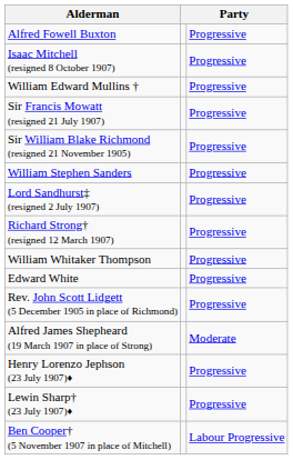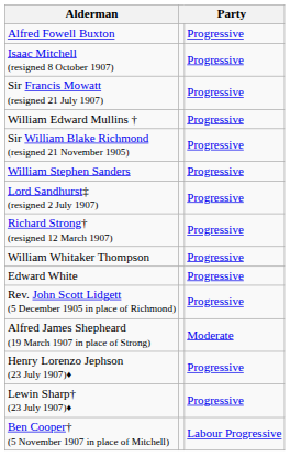 <table class="wikitable">
 <tr>
 <th>Alderman</th>
 <th colspan=2!>Party</th>
 </tr>
 <tr>
 <td><a href='#'>Alfred Fowell Buxton</a></td>
 <td style="background-color: "></td>
 <td><a href='#'>Progressive</a></td>
 </tr>
 <tr>
 <td><a href='#'>Isaac Mitchell</a><small><br>(resigned 8 October 1907)</small></td>
 <td style="background-color: "></td>
 <td><a href='#'>Progressive</a></td>
 </tr>
 <tr>
-<td>William Edward Mullins †</td>
+<td>Sir <a href='#'>Francis Mowatt</a><small><br>(resigned 21 July 1907)</small></td>
 <td style="background-color: "></td>
 <td><a href='#'>Progressive</a></td>
 </tr>
 <tr>
-<td>Sir <a href='#'>Francis Mowatt</a><small><br>(resigned 21 July 1907)</small></td>
+<td>William Edward Mullins †</td>
 <td style="background-color: "></td>
 <td><a href='#'>Progressive</a></td>
 </tr>
 <tr>
 <td>Sir <a href='#'>William Blake Richmond</a><small><br>(resigned 21 November 1905)</small></td>
 <td style="background-color: "></td>
 <td><a href='#'>Progressive</a></td>
 </tr>
 <tr>
 <td><a href='#'>William Stephen Sanders</a></td>
 <td style="background-color: "></td>
 <td><a href='#'>Progressive</a></td>
 </tr>
 <tr>
 <td><a href='#'>Lord Sandhurst</a>‡<small><br>(resigned 2 July 1907)</small></td>
 <td style="background-color: "></td>
 <td><a href='#'>Progressive</a></td>
 </tr>
 <tr>
 <td><a href='#'>Richard Strong</a>†<small><br>(resigned 12 March 1907)</small></td>
 <td style="background-color: "></td>
 <td><a href='#'>Progressive</a></td>
 </tr>
 <tr>
 <td>William Whitaker Thompson</td>
 <td style="background-color: "></td>
 <td><a href='#'>Progressive</a></td>
 </tr>
 <tr>
 <td>Edward White</td>
 <td style="background-color: "></td>
 <td><a href='#'>Progressive</a></td>
 </tr>
 <tr>
 <td>Rev. <a href='#'>John Scott Lidgett</a><small><br>(5 December 1905 in place of Richmond)</small></td>
 <td style="background-color: "></td>
 <td><a href='#'>Progressive</a></td>
 </tr>
 <tr>
 <td>Alfred James Shepheard<small><br>(19 March 1907 in place of Strong)</small></td>
 <td style="background-color: "></td>
 <td><a href='#'>Moderate</a></td>
 </tr>
 <tr>
 <td>Henry Lorenzo Jephson<small><br>(23 July 1907)♦</small></td>
 <td style="background-color: "></td>
 <td><a href='#'>Progressive</a></td>
 </tr>
 <tr>
 <td>Lewin Sharp†<small><br>(23 July 1907)♦</small></td>
 <td style="background-color: "></td>
 <td><a href='#'>Progressive</a></td>
 </tr>
 <tr>
 <td><a href='#'>Ben Cooper</a>†<small><br>(5 November 1907 in place of Mitchell)</small></td>
 <td style="background-color: "></td>
 <td><a href='#'>Labour Progressive</a></td>
 </tr>
 </table>
